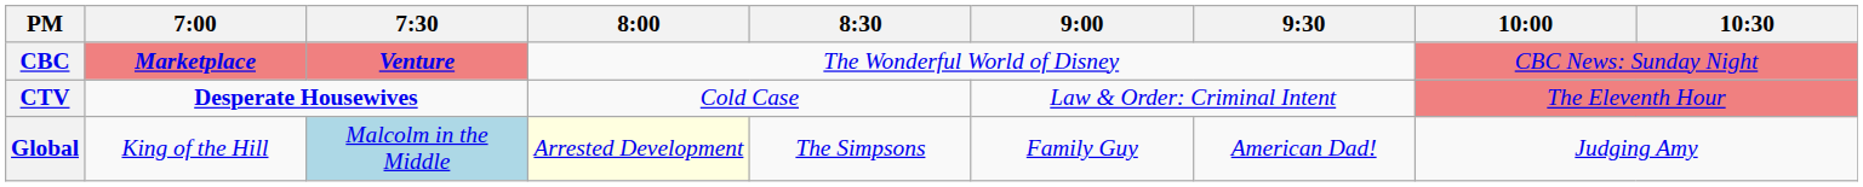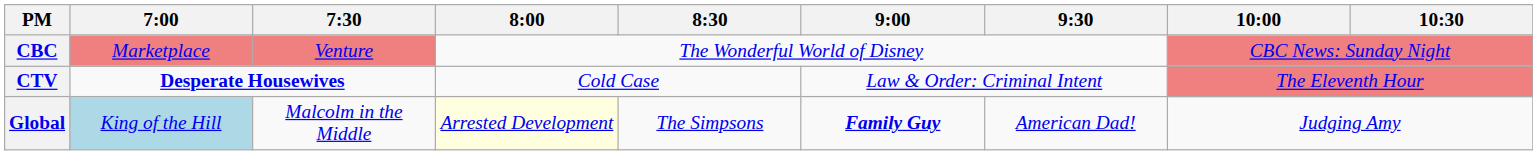 <table class="wikitable" width="100%">
 <tr>
 <th width="4%">PM</th>
 <th width="12%">7:00</th>
 <th width="12%">7:30</th>
 <th width="12%">8:00</th>
 <th width="12%">8:30</th>
 <th width="12%">9:00</th>
 <th width="12%">9:30</th>
 <th width="12%">10:00</th>
 <th width="12%">10:30</th>
 </tr>
 <tr align="center">
 <th><a href='#'>CBC</a></th>
-<td colspan="1" align=center bgcolor="#F08080"><strong><em><a href='#'>Marketplace</a></em></strong></td>
-<td colspan="1" align=center bgcolor="#F08080"><strong><em><a href='#'>Venture</a></em></strong></td>
+<td colspan="1" align=center bgcolor="#F08080"><em><a href='#'>Marketplace</a></em></td>
+<td colspan="1" align=center bgcolor="#F08080"><em><a href='#'>Venture</a></em></td>
 <td colspan="4" align=center><em><a href='#'>The Wonderful World of Disney</a></em></td>
 <td colspan="2" align=center bgcolor="#F08080"><em><a href='#'>CBC News: Sunday Night</a></em></td>
 </tr>
 <tr align="center">
 <th><a href='#'>CTV</a></th>
 <td colspan="2" align=center><strong><a href='#'>Desperate Housewives</a></strong></td>
 <td colspan="2" align=center><em><a href='#'>Cold Case</a></em></td>
 <td colspan="2" align=center><em><a href='#'>Law & Order: Criminal Intent</a></em></td>
 <td colspan="2" align=center bgcolor="#F08080"><em><a href='#'>The Eleventh Hour</a></em></td>
 </tr>
 <tr align="center">
 <th><a href='#'>Global</a></th>
-<td colspan="1" align=center><em><a href='#'>King of the Hill</a></em></td>
-<td colspan="1" align=center style="background: lightblue;"><em><a href='#'>Malcolm in the Middle</a></em></td>
+<td colspan="1" align=center style="background: lightblue;"><em><a href='#'>King of the Hill</a></em></td>
+<td colspan="1" align=center><em><a href='#'>Malcolm in the Middle</a></em></td>
 <td colspan="1" align=center style="background: lightyellow;"><em><a href='#'>Arrested Development</a></em></td>
 <td colspan="1" align=center><em><a href='#'>The Simpsons</a></em></td>
-<td colspan="1" align=center><em><a href='#'>Family Guy</a></em></td>
+<td colspan="1" align=center><strong><em><a href='#'>Family Guy</a></em></strong></td>
 <td colspan="1" align=center><em><a href='#'>American Dad!</a></em></td>
 <td colspan="2" align=center><em><a href='#'>Judging Amy</a></em></td>
 </tr>
 </table>
